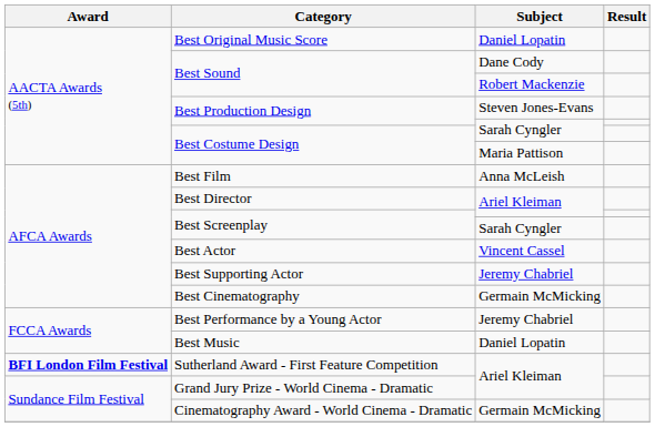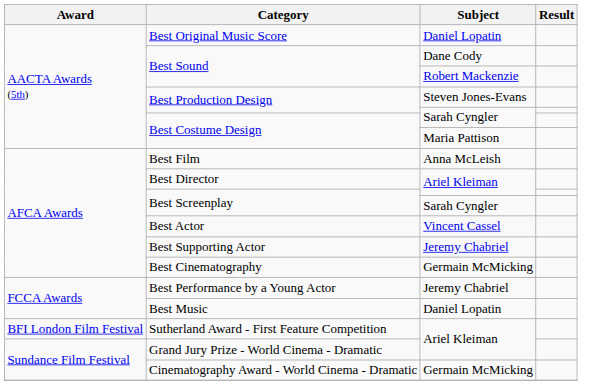 <table class="wikitable">
 <tr>
 <th>Award</th>
 <th>Category</th>
 <th>Subject</th>
 <th>Result</th>
 </tr>
 <tr>
 <td rowspan=7><a href='#'>AACTA Awards</a><br><small>(<a href='#'>5th</a>)</small></td>
 <td><a href='#'>Best Original Music Score</a></td>
 <td><a href='#'>Daniel Lopatin</a></td>
 <td></td>
 </tr>
 <tr>
 <td rowspan=2><a href='#'>Best Sound</a></td>
 <td>Dane Cody</td>
 <td></td>
 </tr>
 <tr>
 <td><a href='#'>Robert Mackenzie</a></td>
 <td></td>
 </tr>
 <tr>
 <td rowspan=2><a href='#'>Best Production Design</a></td>
 <td>Steven Jones-Evans</td>
 <td></td>
 </tr>
 <tr>
 <td rowspan=2>Sarah Cyngler</td>
 <td></td>
 </tr>
 <tr>
 <td rowspan=2><a href='#'>Best Costume Design</a></td>
 <td></td>
 </tr>
 <tr>
 <td>Maria Pattison</td>
 <td></td>
 </tr>
 <tr>
 <td rowspan=7><a href='#'>AFCA Awards</a></td>
 <td>Best Film</td>
 <td>Anna McLeish</td>
 <td></td>
 </tr>
 <tr>
 <td>Best Director</td>
 <td rowspan=2><a href='#'>Ariel Kleiman</a></td>
 <td></td>
 </tr>
 <tr>
 <td rowspan=2>Best Screenplay</td>
 <td></td>
 </tr>
 <tr>
 <td>Sarah Cyngler</td>
 <td></td>
 </tr>
 <tr>
 <td>Best Actor</td>
 <td><a href='#'>Vincent Cassel</a></td>
 <td></td>
 </tr>
 <tr>
 <td>Best Supporting Actor</td>
 <td><a href='#'>Jeremy Chabriel</a></td>
 <td></td>
 </tr>
 <tr>
 <td>Best Cinematography</td>
 <td>Germain McMicking</td>
 <td></td>
 </tr>
 <tr>
 <td rowspan=2><a href='#'>FCCA Awards</a></td>
 <td>Best Performance by a Young Actor</td>
 <td>Jeremy Chabriel</td>
 <td></td>
 </tr>
 <tr>
 <td>Best Music</td>
 <td>Daniel Lopatin</td>
 <td></td>
 </tr>
 <tr>
-<td><strong><a href='#'>BFI London Film Festival</a></strong></td>
+<td><a href='#'>BFI London Film Festival</a></td>
 <td>Sutherland Award - First Feature Competition</td>
 <td rowspan=2>Ariel Kleiman</td>
 <td></td>
 </tr>
 <tr>
 <td rowspan=2><a href='#'>Sundance Film Festival</a></td>
 <td>Grand Jury Prize - World Cinema - Dramatic</td>
 <td></td>
 </tr>
 <tr>
 <td>Cinematography Award - World Cinema - Dramatic</td>
 <td>Germain McMicking</td>
 <td></td>
 </tr>
 <tr>
 </tr>
 </table>
